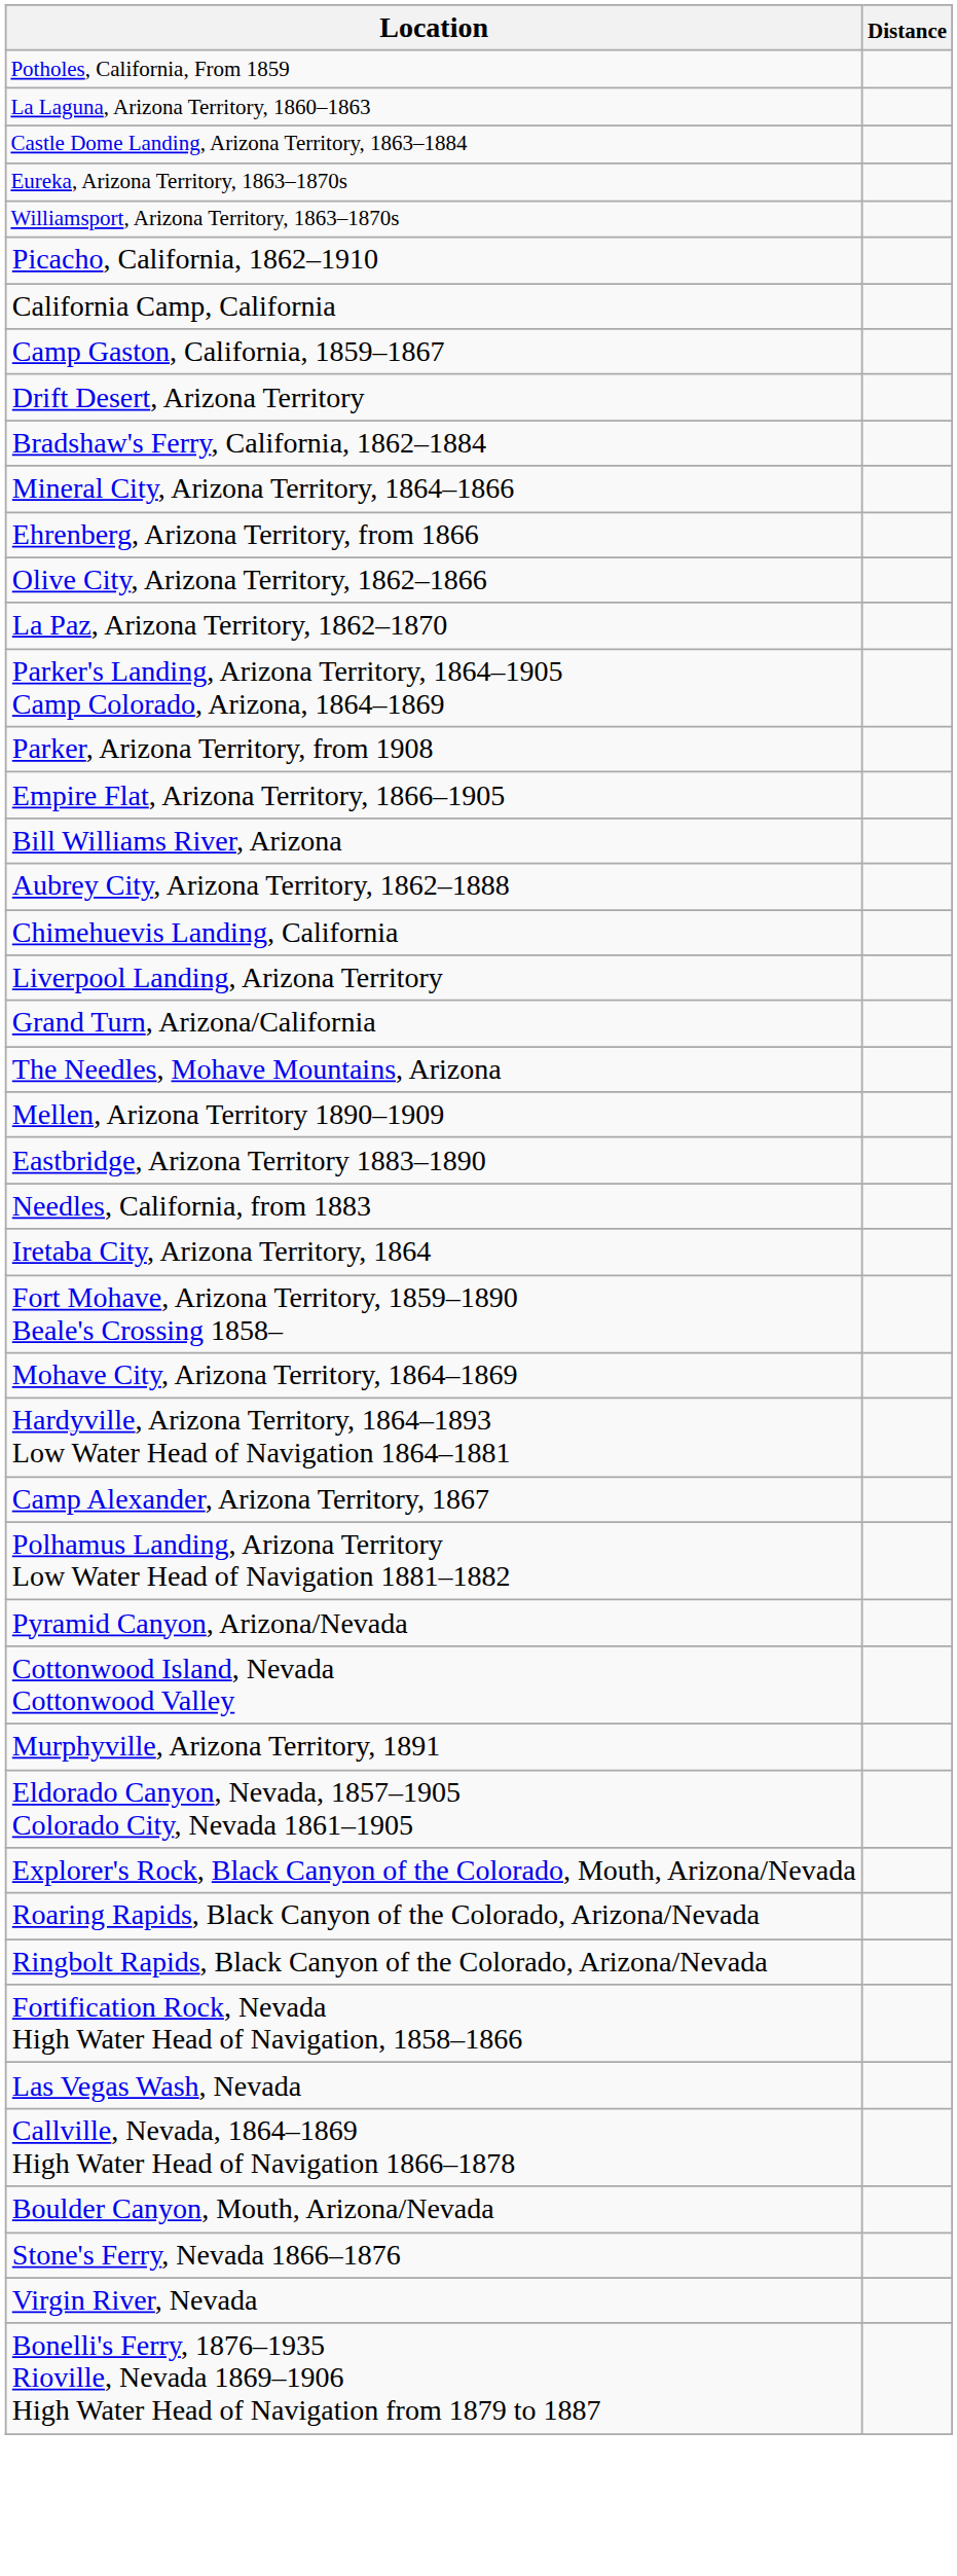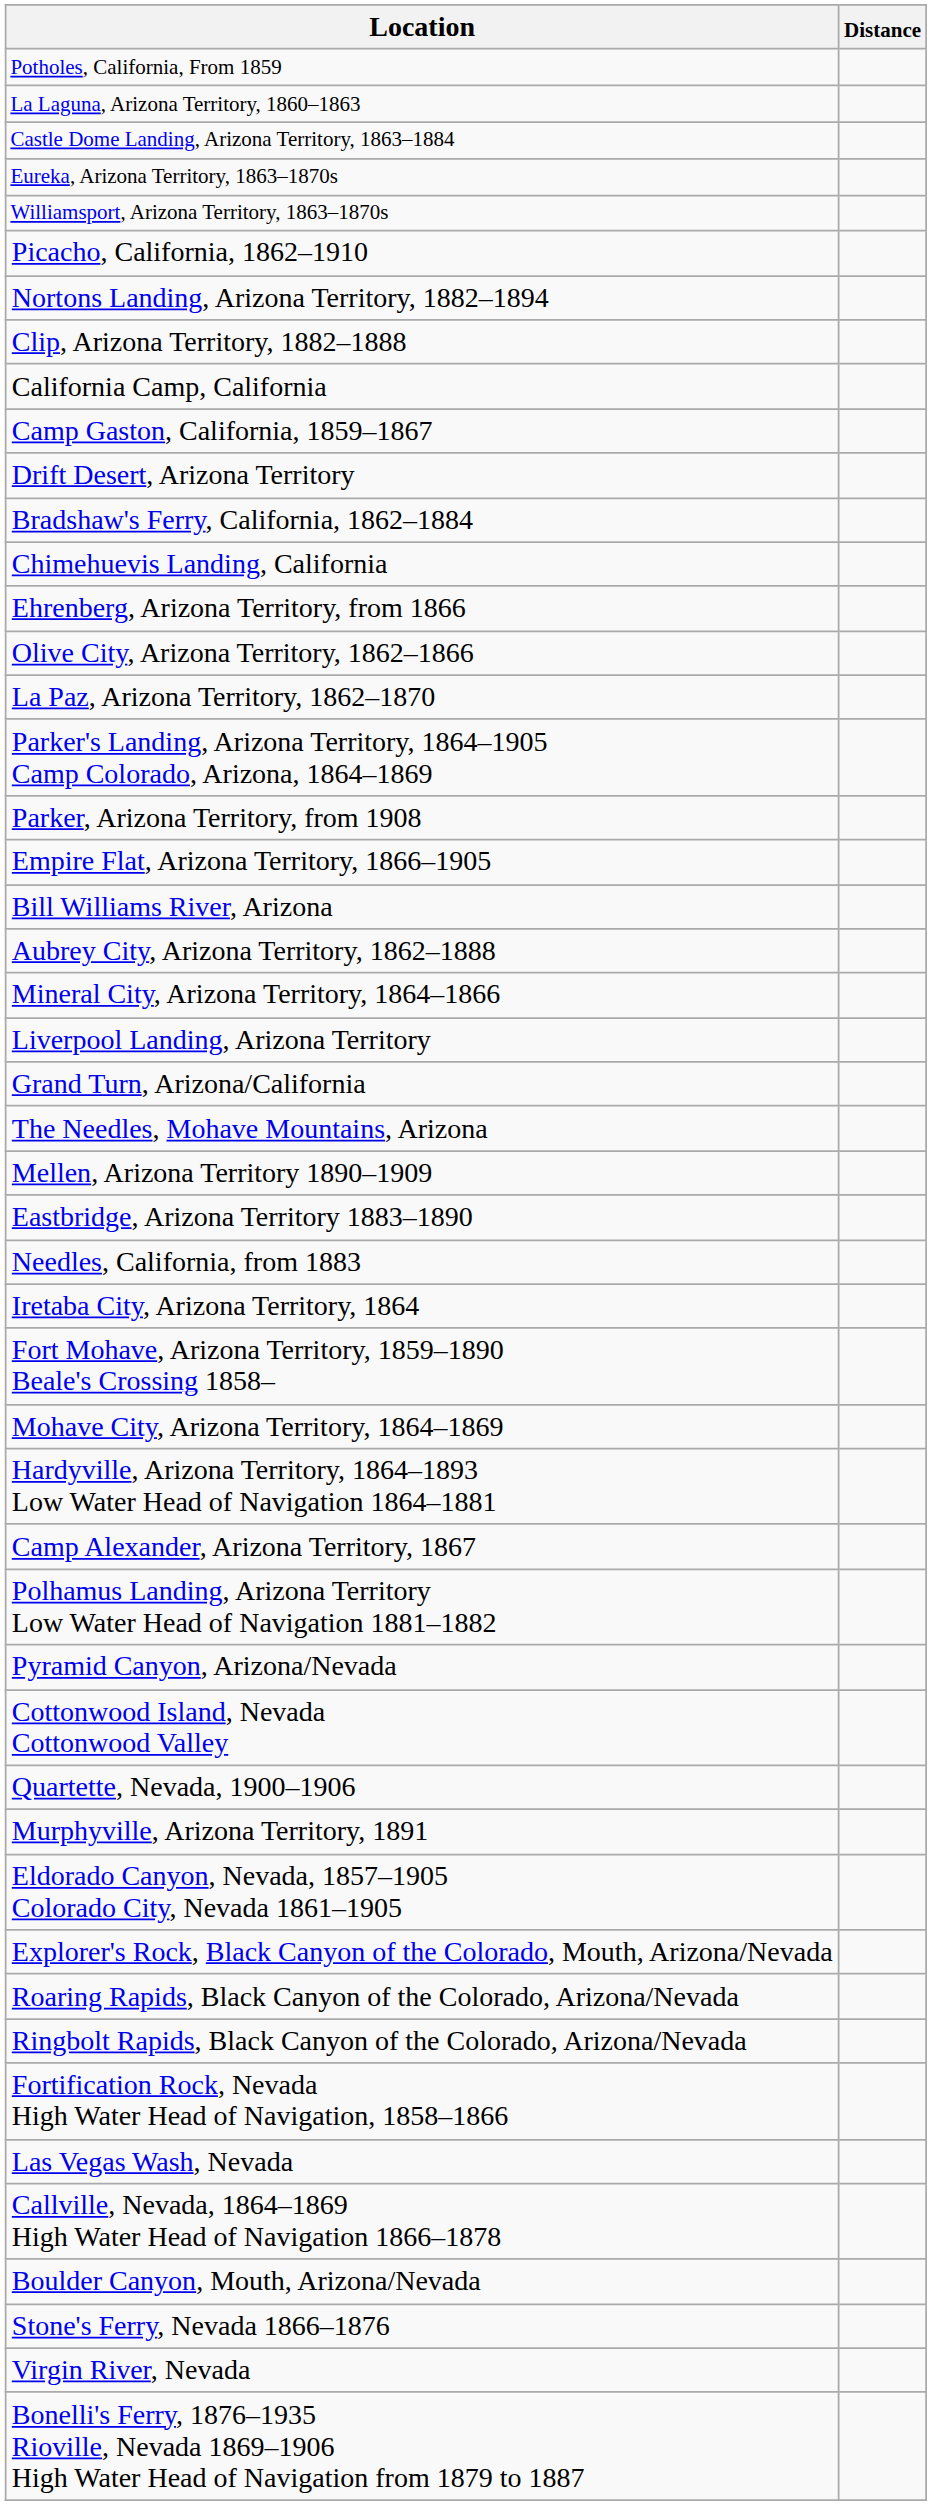 <table class="wikitable" style="text-align: center; margin: 1em" align="right" style="font-size:9pt">
 <tr>
 <th valign="bottom">Location</th>
 <th valign="bottom" style="font-size:9pt">Distance</th>
 </tr>
 <tr>
 <td align="left" valign="top" style="font-size:9pt"><a href='#'>Potholes</a>, California, From 1859</td>
 <td align="center" valign="top" style="font-size:9pt"></td>
 </tr>
 <tr>
 <td align="left" valign="top" style="font-size:9pt"><a href='#'>La Laguna</a>, Arizona Territory, 1860–1863</td>
 <td align="center" valign="top" style="font-size:9pt"></td>
 </tr>
 <tr>
 <td align="left" valign="top" style="font-size:9pt"><a href='#'>Castle Dome Landing</a>, Arizona Territory, 1863–1884</td>
 <td align="center" valign="top"></td>
 </tr>
 <tr>
 <td align="left" valign="top" style="font-size:9pt"><a href='#'>Eureka</a>, Arizona Territory, 1863–1870s</td>
 <td align="center" valign="top"></td>
 </tr>
 <tr>
 <td align="left" valign="top" style="font-size:9pt"><a href='#'>Williamsport</a>, Arizona Territory, 1863–1870s</td>
 <td align="center" valign="top"></td>
 </tr>
 <tr>
 <td align="left" valign="top"><a href='#'>Picacho</a>, California, 1862–1910</td>
 <td align="center" valign="top"></td>
 </tr>
 <tr>
+<td align="left" valign="top"><a href='#'>Nortons Landing</a>, Arizona Territory, 1882–1894</td>
+<td align="center" valign="top"></td>
+</tr>
+<tr>
+<td align="left" valign="top"><a href='#'>Clip</a>, Arizona Territory, 1882–1888</td>
+<td align="center" valign="top"></td>
+</tr>
+<tr>
 <td align="left" valign="top">California Camp, California</td>
 <td align="center" valign="top"></td>
 </tr>
 <tr>
 <td align="left" valign="top"><a href='#'>Camp Gaston</a>, California, 1859–1867</td>
 <td align="center" valign="top"></td>
 </tr>
 <tr>
 <td align="left" valign="top"><a href='#'>Drift Desert</a>, Arizona Territory</td>
 <td align="center" valign="top"></td>
 </tr>
 <tr>
 <td align="left" valign="top"><a href='#'>Bradshaw's Ferry</a>, California, 1862–1884</td>
 <td align="center" valign="top"></td>
 </tr>
 <tr>
-<td align="left" valign="top"><a href='#'>Mineral City</a>, Arizona Territory, 1864–1866</td>
+<td align="left" valign="top"><a href='#'>Chimehuevis Landing</a>, California</td>
 <td align="center" valign="top"></td>
 </tr>
 <tr>
 <td align="left" valign="top"><a href='#'>Ehrenberg</a>, Arizona Territory, from 1866</td>
 <td align="center" valign="top"></td>
 </tr>
 <tr>
 <td align="left" valign="top"><a href='#'>Olive City</a>, Arizona Territory, 1862–1866</td>
 <td align="center" valign="top"></td>
 </tr>
 <tr>
 <td align="left" valign="top"><a href='#'>La Paz</a>, Arizona Territory, 1862–1870</td>
 <td align="center" valign="top"></td>
 </tr>
 <tr>
 <td align="left" valign="top"><a href='#'>Parker's Landing</a>, Arizona Territory, 1864–1905<br><a href='#'>Camp Colorado</a>, Arizona, 1864–1869</td>
 <td align="center" valign="top"></td>
 </tr>
 <tr>
 <td align="left" valign="top"><a href='#'>Parker</a>, Arizona Territory, from 1908</td>
 <td align="center" valign="top"></td>
 </tr>
 <tr>
 <td align="left" valign="top"><a href='#'>Empire Flat</a>, Arizona Territory, 1866–1905</td>
 <td align="center" valign="top"></td>
 </tr>
 <tr>
 <td align="left" valign="top"><a href='#'>Bill Williams River</a>, Arizona</td>
 <td align="center" valign="top"></td>
 </tr>
 <tr>
 <td align="left" valign="top"><a href='#'>Aubrey City</a>, Arizona Territory, 1862–1888</td>
 <td align="center" valign="top"></td>
 </tr>
 <tr>
-<td align="left" valign="top"><a href='#'>Chimehuevis Landing</a>, California</td>
+<td align="left" valign="top"><a href='#'>Mineral City</a>, Arizona Territory, 1864–1866</td>
 <td align="center" valign="top"></td>
 </tr>
 <tr>
 <td align="left" valign="top"><a href='#'>Liverpool Landing</a>, Arizona Territory</td>
 <td align="center" valign="top"></td>
 </tr>
 <tr>
 <td align="left" valign="top"><a href='#'>Grand Turn</a>, Arizona/California</td>
 <td align="center" valign="top"></td>
 </tr>
 <tr>
 <td align="left" valign="top"><a href='#'>The Needles</a>, <a href='#'>Mohave Mountains</a>, Arizona</td>
 <td align="center" valign="top"></td>
 </tr>
 <tr>
 <td align="left" valign="top"><a href='#'>Mellen</a>, Arizona Territory 1890–1909</td>
 <td align="center" valign="top"></td>
 </tr>
 <tr>
 <td align="left" valign="top"><a href='#'>Eastbridge</a>, Arizona Territory 1883–1890</td>
 <td align="center" valign="top"></td>
 </tr>
 <tr>
 <td align="left" valign="top"><a href='#'>Needles</a>, California, from 1883</td>
 <td align="center" valign="top"></td>
 </tr>
 <tr>
 <td align="left" valign="top"><a href='#'>Iretaba City</a>, Arizona Territory, 1864</td>
 <td align="center" valign="top"></td>
 </tr>
 <tr>
 <td align="left" valign="top"><a href='#'>Fort Mohave</a>, Arizona Territory, 1859–1890<br><a href='#'>Beale's Crossing</a> 1858–</td>
 <td align="center" valign="top"></td>
 </tr>
 <tr>
 <td align="left" valign="top"><a href='#'>Mohave City</a>, Arizona Territory, 1864–1869</td>
 <td align="center" valign="top"></td>
 </tr>
 <tr>
 <td align="left" valign="top"><a href='#'>Hardyville</a>, Arizona Territory, 1864–1893 <br>Low Water Head of Navigation 1864–1881</td>
 <td align="center" valign="top"></td>
 </tr>
 <tr>
 <td align="left" valign="top"><a href='#'>Camp Alexander</a>, Arizona Territory, 1867</td>
 <td align="center" valign="top"></td>
 </tr>
 <tr>
 <td align="left" valign="top"><a href='#'>Polhamus Landing</a>, Arizona Territory<br>Low Water Head of Navigation 1881–1882</td>
 <td align="center" valign="top"></td>
 </tr>
 <tr>
 <td align="left" valign="top"><a href='#'>Pyramid Canyon</a>, Arizona/Nevada</td>
 <td align="center" valign="top"></td>
 </tr>
 <tr>
 <td align="left" valign="top"><a href='#'>Cottonwood Island</a>, Nevada<br><a href='#'>Cottonwood Valley</a></td>
 <td align="center" valign="top"></td>
 </tr>
 <tr>
+<td align="left" valign="top"><a href='#'>Quartette</a>, Nevada, 1900–1906</td>
+<td align="center" valign="top"></td>
+</tr>
+<tr>
 <td align="left" valign="top"><a href='#'>Murphyville</a>, Arizona Territory, 1891</td>
 <td align="center" valign="top"></td>
 </tr>
 <tr>
 <td align="left" valign="top"><a href='#'>Eldorado Canyon</a>, Nevada, 1857–1905<br><a href='#'>Colorado City</a>, Nevada 1861–1905</td>
 <td align="center" valign="top"></td>
 </tr>
 <tr>
 <td align="left" valign="top"><a href='#'>Explorer's Rock</a>, <a href='#'>Black Canyon of the Colorado</a>, Mouth, Arizona/Nevada</td>
 <td align="center" valign="top"></td>
 </tr>
 <tr>
 <td align="left" valign="top"><a href='#'>Roaring Rapids</a>, Black Canyon of the Colorado, Arizona/Nevada</td>
 <td align="center" valign="top"></td>
 </tr>
 <tr>
 <td align="left" valign="top"><a href='#'>Ringbolt Rapids</a>, Black Canyon of the Colorado, Arizona/Nevada</td>
 <td align="center" valign="top"></td>
 </tr>
 <tr>
 <td align="left" valign="top"><a href='#'>Fortification Rock</a>, Nevada<br>High Water Head of Navigation, 1858–1866</td>
 <td align="center" valign="top"></td>
 </tr>
 <tr>
 <td align="left" valign="top"><a href='#'>Las Vegas Wash</a>, Nevada</td>
 <td align="center" valign="top"></td>
 </tr>
 <tr>
 <td align="left" valign="top"><a href='#'>Callville</a>, Nevada, 1864–1869<br>High Water Head of Navigation 1866–1878</td>
 <td align="center" valign="top"></td>
 </tr>
 <tr>
 <td align="left" valign="top"><a href='#'>Boulder Canyon</a>, Mouth, Arizona/Nevada</td>
 <td align="center" valign="top"></td>
 </tr>
 <tr>
 <td align="left" valign="top"><a href='#'>Stone's Ferry</a>, Nevada 1866–1876</td>
 <td align="center" valign="top"></td>
 </tr>
 <tr>
 <td align="left" valign="top"><a href='#'>Virgin River</a>, Nevada</td>
 <td align="center" valign="top"></td>
 </tr>
 <tr>
 <td align="left" valign="top"><a href='#'>Bonelli's Ferry</a>, 1876–1935<br><a href='#'>Rioville</a>, Nevada 1869–1906<br>High Water Head of Navigation from 1879 to 1887</td>
 <td align="center" valign="top"></td>
 </tr>
 <tr>
 </tr>
 </table>
